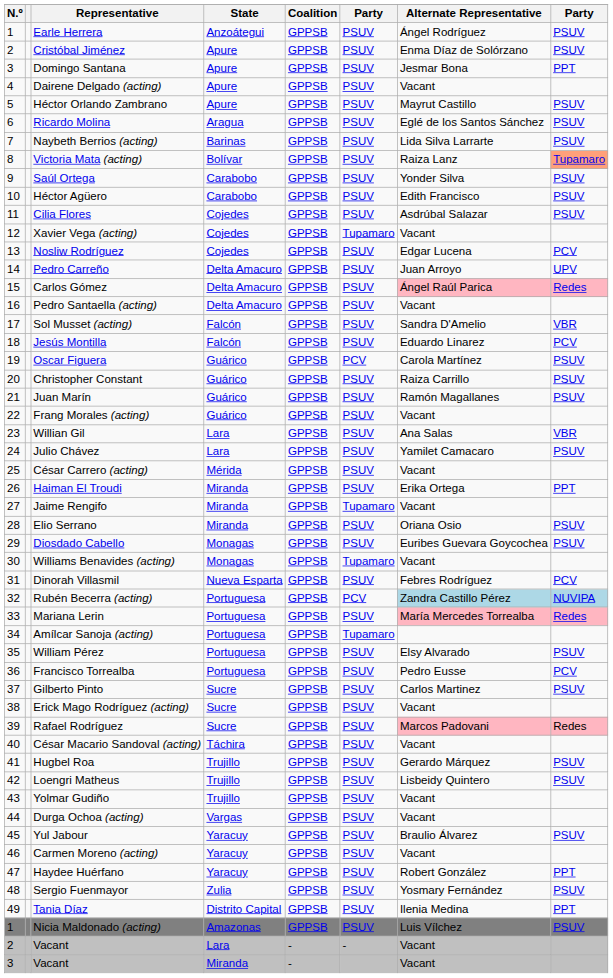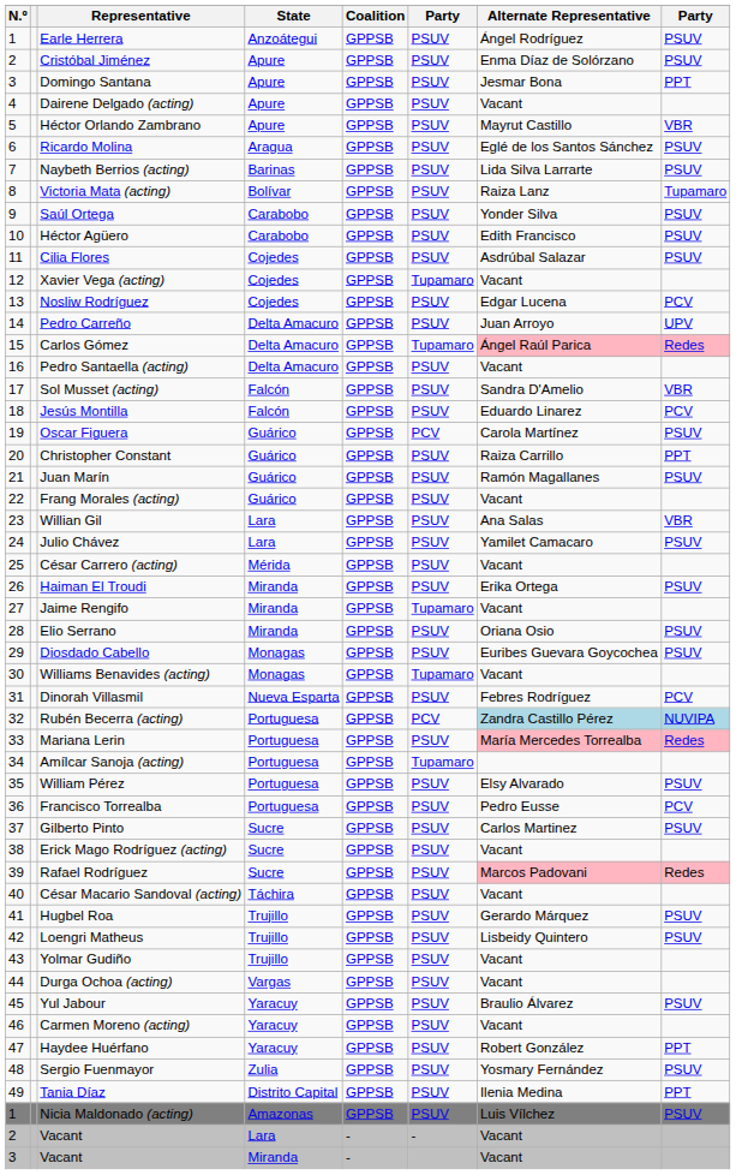 <table class=" wikitable">
 <tr>
 </tr>
 <tr>
 <th>N.º</th>
 <th></th>
 <th>Representative</th>
 <th>State</th>
 <th>Coalition</th>
 <th>Party</th>
 <th>Alternate Representative</th>
 <th>Party</th>
 </tr>
 <tr>
 <td>1</td>
 <td style="background-color:"></td>
 <td><a href='#'>Earle Herrera</a></td>
 <td><a href='#'>Anzoátegui</a></td>
 <td><a href='#'>GPPSB</a></td>
 <td><a href='#'>PSUV</a></td>
 <td>Ángel Rodríguez</td>
 <td><a href='#'>PSUV</a></td>
 </tr>
 <tr>
 <td>2</td>
 <td style="background-color:"></td>
 <td><a href='#'>Cristóbal Jiménez</a></td>
 <td><a href='#'>Apure</a></td>
 <td><a href='#'>GPPSB</a></td>
 <td><a href='#'>PSUV</a></td>
 <td>Enma Díaz de Solórzano</td>
 <td><a href='#'>PSUV</a></td>
 </tr>
 <tr>
 <td>3</td>
 <td style="background-color:"></td>
 <td>Domingo Santana</td>
 <td><a href='#'>Apure</a></td>
 <td><a href='#'>GPPSB</a></td>
 <td><a href='#'>PSUV</a></td>
 <td>Jesmar Bona</td>
 <td><a href='#'>PPT</a></td>
 </tr>
 <tr>
 <td>4</td>
 <td style="background-color:"></td>
 <td>Dairene Delgado <em>(acting)</em></td>
 <td><a href='#'>Apure</a></td>
 <td><a href='#'>GPPSB</a></td>
 <td><a href='#'>PSUV</a></td>
 <td>Vacant</td>
 <td></td>
 </tr>
 <tr>
 <td>5</td>
 <td style="background-color:"></td>
 <td>Héctor Orlando Zambrano</td>
 <td><a href='#'>Apure</a></td>
 <td><a href='#'>GPPSB</a></td>
 <td><a href='#'>PSUV</a></td>
 <td>Mayrut Castillo</td>
-<td><a href='#'>PSUV</a></td>
+<td><a href='#'>VBR</a></td>
 </tr>
 <tr>
 <td>6</td>
 <td style="background-color:"></td>
 <td><a href='#'>Ricardo Molina</a></td>
 <td><a href='#'>Aragua</a></td>
 <td><a href='#'>GPPSB</a></td>
 <td><a href='#'>PSUV</a></td>
 <td>Eglé de los Santos Sánchez</td>
 <td><a href='#'>PSUV</a></td>
 </tr>
 <tr>
 <td>7</td>
 <td style="background-color:"></td>
 <td>Naybeth Berrios <em>(acting)</em></td>
 <td><a href='#'>Barinas</a></td>
 <td><a href='#'>GPPSB</a></td>
 <td><a href='#'>PSUV</a></td>
 <td>Lida Silva Larrarte</td>
 <td><a href='#'>PSUV</a></td>
 </tr>
 <tr>
 <td>8</td>
 <td style="background-color:"></td>
 <td><a href='#'>Victoria Mata</a> <em>(acting)</em></td>
 <td><a href='#'>Bolívar</a></td>
 <td><a href='#'>GPPSB</a></td>
 <td><a href='#'>PSUV</a></td>
 <td>Raiza Lanz</td>
-<td style="background: lightsalmon;"><a href='#'>Tupamaro</a></td>
+<td><a href='#'>Tupamaro</a></td>
 </tr>
 <tr>
 <td>9</td>
 <td style="background-color:"></td>
 <td><a href='#'>Saúl Ortega</a></td>
 <td><a href='#'>Carabobo</a></td>
 <td><a href='#'>GPPSB</a></td>
 <td><a href='#'>PSUV</a></td>
 <td>Yonder Silva</td>
 <td><a href='#'>PSUV</a></td>
 </tr>
 <tr>
 <td>10</td>
 <td style="background-color:"></td>
 <td>Héctor Agüero</td>
 <td><a href='#'>Carabobo</a></td>
 <td><a href='#'>GPPSB</a></td>
 <td><a href='#'>PSUV</a></td>
 <td>Edith Francisco</td>
 <td><a href='#'>PSUV</a></td>
 </tr>
 <tr>
 <td>11</td>
 <td style="background-color:"></td>
 <td><a href='#'>Cilia Flores</a></td>
 <td><a href='#'>Cojedes</a></td>
 <td><a href='#'>GPPSB</a></td>
 <td><a href='#'>PSUV</a></td>
 <td>Asdrúbal Salazar</td>
 <td><a href='#'>PSUV</a></td>
 </tr>
 <tr>
 <td>12</td>
 <td style="background-color:"></td>
 <td>Xavier Vega <em>(acting)</em></td>
 <td><a href='#'>Cojedes</a></td>
 <td><a href='#'>GPPSB</a></td>
 <td><a href='#'>Tupamaro</a></td>
 <td>Vacant</td>
 <td></td>
 </tr>
 <tr>
 <td>13</td>
 <td style="background-color:"></td>
 <td><a href='#'>Nosliw Rodríguez</a></td>
 <td><a href='#'>Cojedes</a></td>
 <td><a href='#'>GPPSB</a></td>
 <td><a href='#'>PSUV</a></td>
 <td>Edgar Lucena</td>
 <td><a href='#'>PCV</a></td>
 </tr>
 <tr>
 <td>14</td>
 <td style="background-color:"></td>
 <td><a href='#'>Pedro Carreño</a></td>
 <td><a href='#'>Delta Amacuro</a></td>
 <td><a href='#'>GPPSB</a></td>
 <td><a href='#'>PSUV</a></td>
 <td>Juan Arroyo</td>
 <td><a href='#'>UPV</a></td>
 </tr>
 <tr>
 <td>15</td>
 <td style="background-color:"></td>
 <td>Carlos Gómez</td>
 <td><a href='#'>Delta Amacuro</a></td>
 <td><a href='#'>GPPSB</a></td>
-<td><a href='#'>PSUV</a></td>
+<td><a href='#'>Tupamaro</a></td>
 <td style="background:LightPink;">Ángel Raúl Parica</td>
 <td style="background:LightPink;"><a href='#'>Redes</a></td>
 </tr>
 <tr>
 <td>16</td>
 <td style="background-color:"></td>
 <td>Pedro Santaella <em>(acting)</em></td>
 <td><a href='#'>Delta Amacuro</a></td>
 <td><a href='#'>GPPSB</a></td>
 <td><a href='#'>PSUV</a></td>
 <td>Vacant</td>
 <td></td>
 </tr>
 <tr>
 <td>17</td>
 <td style="background-color:"></td>
 <td>Sol Musset <em>(acting)</em></td>
 <td><a href='#'>Falcón</a></td>
 <td><a href='#'>GPPSB</a></td>
 <td><a href='#'>PSUV</a></td>
 <td>Sandra D'Amelio</td>
 <td><a href='#'>VBR</a></td>
 </tr>
 <tr>
 <td>18</td>
 <td style="background-color:"></td>
 <td><a href='#'>Jesús Montilla</a></td>
 <td><a href='#'>Falcón</a></td>
 <td><a href='#'>GPPSB</a></td>
 <td><a href='#'>PSUV</a></td>
 <td>Eduardo Linarez</td>
 <td><a href='#'>PCV</a></td>
 </tr>
 <tr>
 <td>19</td>
 <td style="background-color:"></td>
 <td><a href='#'>Oscar Figuera</a></td>
 <td><a href='#'>Guárico</a></td>
 <td><a href='#'>GPPSB</a></td>
 <td><a href='#'>PCV</a></td>
 <td>Carola Martínez</td>
 <td><a href='#'>PSUV</a></td>
 </tr>
 <tr>
 <td>20</td>
 <td style="background-color:"></td>
 <td>Christopher Constant</td>
 <td><a href='#'>Guárico</a></td>
 <td><a href='#'>GPPSB</a></td>
 <td><a href='#'>PSUV</a></td>
 <td>Raiza Carrillo</td>
-<td><a href='#'>PSUV</a></td>
+<td><a href='#'>PPT</a></td>
 </tr>
 <tr>
 <td>21</td>
 <td style="background-color:"></td>
 <td>Juan Marín</td>
 <td><a href='#'>Guárico</a></td>
 <td><a href='#'>GPPSB</a></td>
 <td><a href='#'>PSUV</a></td>
 <td>Ramón Magallanes</td>
 <td><a href='#'>PSUV</a></td>
 </tr>
 <tr>
 <td>22</td>
 <td style="background-color:"></td>
 <td>Frang Morales <em>(acting)</em></td>
 <td><a href='#'>Guárico</a></td>
 <td><a href='#'>GPPSB</a></td>
 <td><a href='#'>PSUV</a></td>
 <td>Vacant</td>
 <td></td>
 </tr>
 <tr>
 <td>23</td>
 <td style="background-color:"></td>
 <td>Willian Gil</td>
 <td><a href='#'>Lara</a></td>
 <td><a href='#'>GPPSB</a></td>
 <td><a href='#'>PSUV</a></td>
 <td>Ana Salas</td>
 <td><a href='#'>VBR</a></td>
 </tr>
 <tr>
 <td>24</td>
 <td style="background-color:"></td>
 <td>Julio Chávez</td>
 <td><a href='#'>Lara</a></td>
 <td><a href='#'>GPPSB</a></td>
 <td><a href='#'>PSUV</a></td>
 <td>Yamilet Camacaro</td>
 <td><a href='#'>PSUV</a></td>
 </tr>
 <tr>
 <td>25</td>
 <td style="background-color:"></td>
 <td>César Carrero <em>(acting)</em></td>
 <td><a href='#'>Mérida</a></td>
 <td><a href='#'>GPPSB</a></td>
 <td><a href='#'>PSUV</a></td>
 <td>Vacant</td>
 <td></td>
 </tr>
 <tr>
 <td>26</td>
 <td style="background-color:"></td>
 <td><a href='#'>Haiman El Troudi</a></td>
 <td><a href='#'>Miranda</a></td>
 <td><a href='#'>GPPSB</a></td>
 <td><a href='#'>PSUV</a></td>
 <td>Erika Ortega</td>
-<td><a href='#'>PPT</a></td>
+<td><a href='#'>PSUV</a></td>
 </tr>
 <tr>
 <td>27</td>
 <td style="background-color:"></td>
 <td>Jaime Rengifo</td>
 <td><a href='#'>Miranda</a></td>
 <td><a href='#'>GPPSB</a></td>
 <td><a href='#'>Tupamaro</a></td>
 <td>Vacant</td>
 <td></td>
 </tr>
 <tr>
 <td>28</td>
 <td style="background-color:"></td>
 <td>Elio Serrano</td>
 <td><a href='#'>Miranda</a></td>
 <td><a href='#'>GPPSB</a></td>
 <td><a href='#'>PSUV</a></td>
 <td>Oriana Osio</td>
 <td><a href='#'>PSUV</a></td>
 </tr>
 <tr>
 <td>29</td>
 <td style="background-color:"></td>
 <td><a href='#'>Diosdado Cabello</a></td>
 <td><a href='#'>Monagas</a></td>
 <td><a href='#'>GPPSB</a></td>
 <td><a href='#'>PSUV</a></td>
 <td>Euribes Guevara Goycochea</td>
 <td><a href='#'>PSUV</a></td>
 </tr>
 <tr>
 <td>30</td>
 <td style="background-color:"></td>
 <td>Williams Benavides <em>(acting)</em></td>
 <td><a href='#'>Monagas</a></td>
 <td><a href='#'>GPPSB</a></td>
 <td><a href='#'>Tupamaro</a></td>
 <td>Vacant</td>
 <td></td>
 </tr>
 <tr>
 <td>31</td>
 <td style="background-color:"></td>
 <td>Dinorah Villasmil</td>
 <td><a href='#'>Nueva Esparta</a></td>
 <td><a href='#'>GPPSB</a></td>
 <td><a href='#'>PSUV</a></td>
 <td>Febres Rodríguez</td>
 <td><a href='#'>PCV</a></td>
 </tr>
 <tr>
 <td>32</td>
 <td style="background-color:"></td>
 <td>Rubén Becerra <em>(acting)</em></td>
 <td><a href='#'>Portuguesa</a></td>
 <td><a href='#'>GPPSB</a></td>
 <td><a href='#'>PCV</a></td>
 <td style="background:Lightblue;">Zandra Castillo Pérez</td>
 <td style="background:Lightblue;"><a href='#'>NUVIPA</a></td>
 </tr>
 <tr>
 <td>33</td>
 <td style="background-color:"></td>
 <td>Mariana Lerin</td>
 <td><a href='#'>Portuguesa</a></td>
 <td><a href='#'>GPPSB</a></td>
 <td><a href='#'>PSUV</a></td>
 <td style="background:LightPink;">María Mercedes Torrealba</td>
 <td style="background:LightPink;"><a href='#'>Redes</a></td>
 </tr>
 <tr>
 <td>34</td>
 <td style="background-color:"></td>
 <td>Amílcar Sanoja <em>(acting)</em></td>
 <td><a href='#'>Portuguesa</a></td>
 <td><a href='#'>GPPSB</a></td>
 <td><a href='#'>Tupamaro</a></td>
 <td></td>
 <td></td>
 </tr>
 <tr>
 <td>35</td>
 <td style="background-color:"></td>
 <td>William Pérez</td>
 <td><a href='#'>Portuguesa</a></td>
 <td><a href='#'>GPPSB</a></td>
 <td><a href='#'>PSUV</a></td>
 <td>Elsy Alvarado</td>
 <td><a href='#'>PSUV</a></td>
 </tr>
 <tr>
 <td>36</td>
 <td style="background-color:"></td>
 <td>Francisco Torrealba</td>
 <td><a href='#'>Portuguesa</a></td>
 <td><a href='#'>GPPSB</a></td>
 <td><a href='#'>PSUV</a></td>
 <td>Pedro Eusse</td>
 <td><a href='#'>PCV</a></td>
 </tr>
 <tr>
 <td>37</td>
 <td style="background-color:"></td>
 <td>Gilberto Pinto</td>
 <td><a href='#'>Sucre</a></td>
 <td><a href='#'>GPPSB</a></td>
 <td><a href='#'>PSUV</a></td>
 <td>Carlos Martinez</td>
 <td><a href='#'>PSUV</a></td>
 </tr>
 <tr>
 <td>38</td>
 <td style="background-color:"></td>
 <td>Erick Mago Rodríguez <em>(acting)</em></td>
 <td><a href='#'>Sucre</a></td>
 <td><a href='#'>GPPSB</a></td>
 <td><a href='#'>PSUV</a></td>
 <td>Vacant</td>
 <td></td>
 </tr>
 <tr>
 <td>39</td>
 <td style="background-color:"></td>
 <td>Rafael Rodríguez</td>
 <td><a href='#'>Sucre</a></td>
 <td><a href='#'>GPPSB</a></td>
 <td><a href='#'>PSUV</a></td>
 <td style="background:LightPink;">Marcos Padovani</td>
 <td style="background:LightPink;">Redes</td>
 </tr>
 <tr>
 <td>40</td>
 <td style="background-color:"></td>
 <td>César Macario Sandoval <em>(acting)</em></td>
 <td><a href='#'>Táchira</a></td>
 <td><a href='#'>GPPSB</a></td>
 <td><a href='#'>PSUV</a></td>
 <td>Vacant</td>
 <td></td>
 </tr>
 <tr>
 <td>41</td>
 <td style="background-color:"></td>
 <td>Hugbel Roa</td>
 <td><a href='#'>Trujillo</a></td>
 <td><a href='#'>GPPSB</a></td>
 <td><a href='#'>PSUV</a></td>
 <td>Gerardo Márquez</td>
 <td><a href='#'>PSUV</a></td>
 </tr>
 <tr>
 <td>42</td>
 <td style="background-color:"></td>
 <td>Loengri Matheus</td>
 <td><a href='#'>Trujillo</a></td>
 <td><a href='#'>GPPSB</a></td>
 <td><a href='#'>PSUV</a></td>
 <td>Lisbeidy Quintero</td>
 <td><a href='#'>PSUV</a></td>
 </tr>
 <tr>
 <td>43</td>
 <td style="background-color:"></td>
 <td>Yolmar Gudiño</td>
 <td><a href='#'>Trujillo</a></td>
 <td><a href='#'>GPPSB</a></td>
 <td><a href='#'>PSUV</a></td>
 <td>Vacant</td>
 <td></td>
 </tr>
 <tr>
 <td>44</td>
 <td style="background-color:"></td>
 <td>Durga Ochoa <em>(acting)</em></td>
 <td><a href='#'>Vargas</a></td>
 <td><a href='#'>GPPSB</a></td>
 <td><a href='#'>PSUV</a></td>
 <td>Vacant</td>
 <td></td>
 </tr>
 <tr>
 <td>45</td>
 <td style="background-color:"></td>
 <td>Yul Jabour</td>
 <td><a href='#'>Yaracuy</a></td>
 <td><a href='#'>GPPSB</a></td>
 <td><a href='#'>PSUV</a></td>
 <td>Braulio Álvarez</td>
 <td><a href='#'>PSUV</a></td>
 </tr>
 <tr>
 <td>46</td>
 <td style="background-color:"></td>
 <td>Carmen Moreno <em>(acting)</em></td>
 <td><a href='#'>Yaracuy</a></td>
 <td><a href='#'>GPPSB</a></td>
 <td><a href='#'>PSUV</a></td>
 <td>Vacant</td>
 <td></td>
 </tr>
 <tr>
 <td>47</td>
 <td style="background-color:"></td>
 <td>Haydee Huérfano</td>
 <td><a href='#'>Yaracuy</a></td>
 <td><a href='#'>GPPSB</a></td>
 <td><a href='#'>PSUV</a></td>
 <td>Robert González</td>
 <td><a href='#'>PPT</a></td>
 </tr>
 <tr>
 <td>48</td>
 <td style="background-color:"></td>
 <td>Sergio Fuenmayor</td>
 <td><a href='#'>Zulia</a></td>
 <td><a href='#'>GPPSB</a></td>
 <td><a href='#'>PSUV</a></td>
 <td>Yosmary Fernández</td>
 <td><a href='#'>PSUV</a></td>
 </tr>
 <tr>
 <td>49</td>
 <td style="background-color:"></td>
 <td><a href='#'>Tania Díaz</a></td>
 <td><a href='#'>Distrito Capital</a></td>
 <td><a href='#'>GPPSB</a></td>
 <td><a href='#'>PSUV</a></td>
 <td>Ilenia Medina</td>
 <td><a href='#'>PPT</a></td>
 </tr>
 <tr bgcolor="#808080">
 <td>1</td>
 <td></td>
 <td>Nicia Maldonado <em>(acting)</em></td>
 <td><a href='#'>Amazonas</a></td>
 <td><a href='#'>GPPSB</a></td>
 <td><a href='#'>PSUV</a></td>
 <td>Luis Vílchez</td>
 <td><a href='#'>PSUV</a></td>
 </tr>
 <tr bgcolor="#C0C0C0">
 <td>2</td>
 <td></td>
 <td>Vacant</td>
 <td><a href='#'>Lara</a></td>
 <td>-</td>
 <td>-</td>
 <td>Vacant</td>
 <td></td>
 </tr>
 <tr bgcolor="#C0C0C0">
 <td>3</td>
 <td></td>
 <td>Vacant</td>
 <td><a href='#'>Miranda</a></td>
 <td>-</td>
 <td></td>
 <td>Vacant</td>
 <td></td>
 </tr>
 </table>
